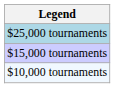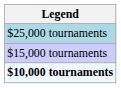 <table class=wikitable style="font-size:85%">
 <tr>
 <th>Legend</th>
 </tr>
 <tr style="background:lightblue;">
 <td>$25,000 tournaments</td>
 </tr>
 <tr style="background:#ccccff;">
 <td>$15,000 tournaments</td>
 </tr>
 <tr style="background:#f0f8ff;">
-<td>$10,000 tournaments</td>
+<td><strong>$10,000 tournaments</strong></td>
 </tr>
 </table>
